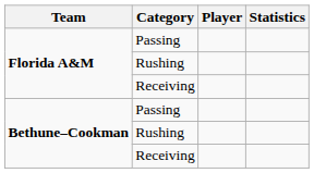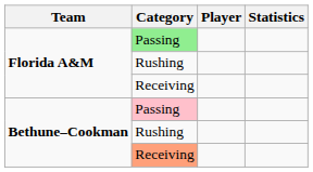 <table class="wikitable" style="float: left;">
 <tr>
 <th>Team</th>
 <th>Category</th>
 <th>Player</th>
 <th>Statistics</th>
 </tr>
 <tr>
 <td rowspan=3><strong>Florida A&M</strong></td>
-<td>Passing</td>
+<td style="background: lightgreen;">Passing</td>
 <td> </td>
 <td> </td>
 </tr>
 <tr>
 <td>Rushing</td>
 <td> </td>
 <td> </td>
 </tr>
 <tr>
 <td>Receiving</td>
 <td> </td>
 <td> </td>
 </tr>
 <tr>
 <td rowspan=3><strong>Bethune–Cookman</strong></td>
-<td>Passing</td>
+<td style="background: pink;">Passing</td>
 <td> </td>
 <td> </td>
 </tr>
 <tr>
 <td>Rushing</td>
 <td> </td>
 <td> </td>
 </tr>
 <tr>
-<td>Receiving</td>
+<td style="background: lightsalmon;">Receiving</td>
 <td> </td>
 <td> </td>
 </tr>
 </table>
